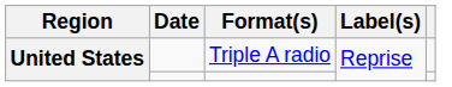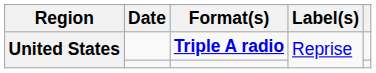 <table class="wikitable plainrowheaders" style="text-align:left">
 <tr>
 <th scope="col">Region</th>
 <th scope="col">Date</th>
 <th scope="col">Format(s)</th>
 <th scope="col">Label(s)</th>
 <th scope="col"></th>
 </tr>
 <tr>
 <th scope="row" rowspan="2">United States</th>
 <td></td>
-<td><a href='#'>Triple A radio</a></td>
+<td><strong><a href='#'>Triple A radio</a></strong></td>
 <td rowspan="2"><a href='#'>Reprise</a></td>
 <td></td>
 </tr>
 <tr>
 <td></td>
 <td></td>
 <td></td>
 </tr>
 </table>
